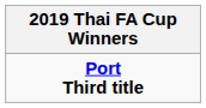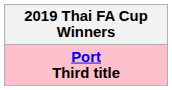 <table class="wikitable" style="text-align: center; margin: 0 auto; width: 20%">
 <tr>
 <th>2019 Thai FA Cup<br>Winners</th>
 </tr>
 <tr>
-<td align="center"><strong><a href='#'>Port</a></strong><br><strong>Third title</strong></td>
+<td align="center" style="background: pink;"><strong><a href='#'>Port</a></strong><br><strong>Third title</strong></td>
 </tr>
 </table>
